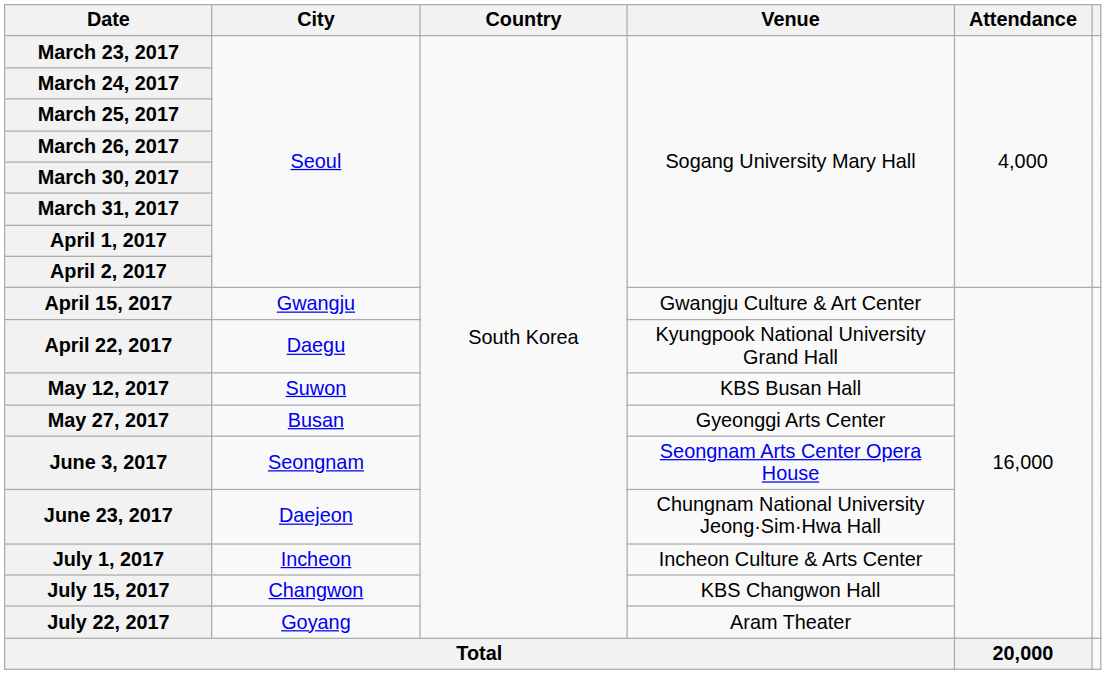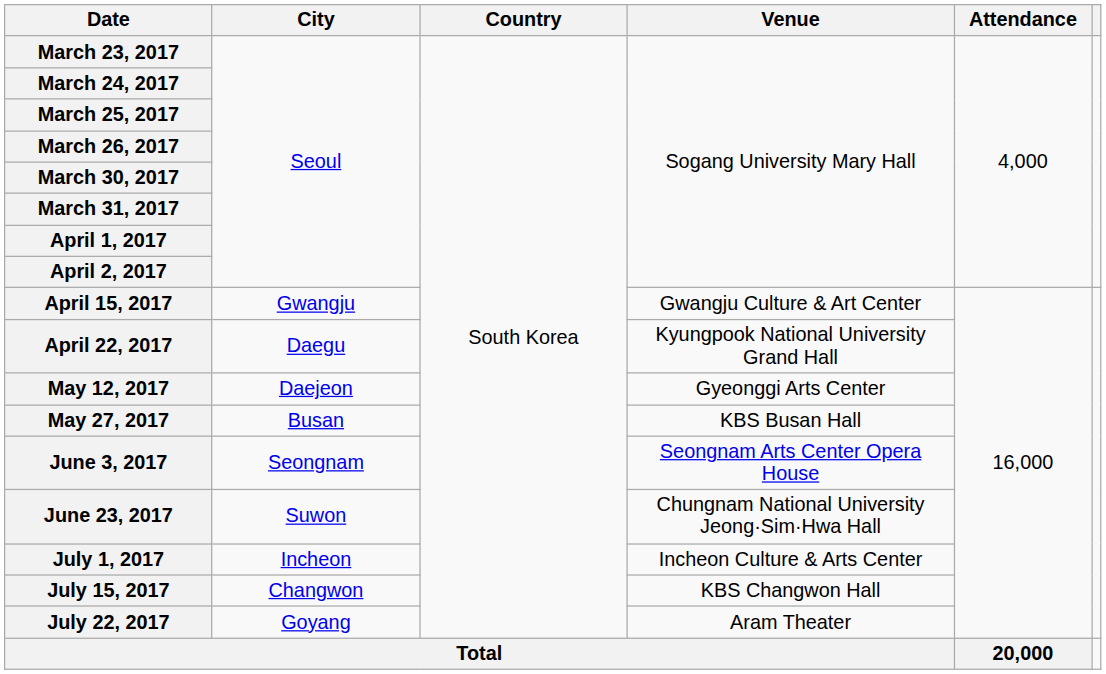 <table class="wikitable sortable plainrowheaders" style="text-align:center;">
 <tr>
 <th style="width:10em;">Date</th>
 <th style="width:10em;">City</th>
 <th style="width:10em;">Country</th>
 <th style="width:16em;">Venue</th>
 <th style="width:6.5em;">Attendance</th>
 <th scope="col" class="unsortable"></th>
 </tr>
 <tr>
 <th scope="row" style="text-align:center">March 23, 2017</th>
 <td rowspan="8"><a href='#'>Seoul</a></td>
 <td rowspan="17">South Korea</td>
 <td rowspan="8">Sogang University Mary Hall</td>
 <td rowspan="8">4,000</td>
 <td rowspan="8"></td>
 </tr>
 <tr>
 <th scope="row" style="text-align:center">March 24, 2017</th>
 </tr>
 <tr>
 <th scope="row" style="text-align:center">March 25, 2017</th>
 </tr>
 <tr>
 <th scope="row" style="text-align:center">March 26, 2017</th>
 </tr>
 <tr>
 <th scope="row" style="text-align:center">March 30, 2017</th>
 </tr>
 <tr>
 <th scope="row" style="text-align:center">March 31, 2017</th>
 </tr>
 <tr>
 <th scope="row" style="text-align:center">April 1, 2017</th>
 </tr>
 <tr>
 <th scope="row" style="text-align:center">April 2, 2017</th>
 </tr>
 <tr>
 <th scope="row" style="text-align:center">April 15, 2017</th>
 <td><a href='#'>Gwangju</a></td>
 <td>Gwangju Culture & Art Center</td>
 <td rowspan="9">16,000</td>
 <td rowspan="9"></td>
 </tr>
 <tr>
 <th scope="row" style="text-align:center">April 22, 2017</th>
 <td><a href='#'>Daegu</a></td>
 <td>Kyungpook National University Grand Hall</td>
 </tr>
 <tr>
 <th scope="row" style="text-align:center">May 12, 2017</th>
-<td><a href='#'>Suwon</a></td>
-<td>KBS Busan Hall</td>
+<td><a href='#'>Daejeon</a></td>
+<td>Gyeonggi Arts Center</td>
 </tr>
 <tr>
 <th scope="row" style="text-align:center">May 27, 2017</th>
 <td><a href='#'>Busan</a></td>
-<td>Gyeonggi Arts Center</td>
+<td>KBS Busan Hall</td>
 </tr>
 <tr>
 <th scope="row" style="text-align:center">June 3, 2017</th>
 <td><a href='#'>Seongnam</a></td>
 <td><a href='#'>Seongnam Arts Center Opera House</a></td>
 </tr>
 <tr>
 <th scope="row" style="text-align:center">June 23, 2017</th>
-<td><a href='#'>Daejeon</a></td>
+<td><a href='#'>Suwon</a></td>
 <td>Chungnam National University Jeong·Sim·Hwa Hall</td>
 </tr>
 <tr>
 <th scope="row" style="text-align:center">July 1, 2017</th>
 <td><a href='#'>Incheon</a></td>
 <td>Incheon Culture & Arts Center</td>
 </tr>
 <tr>
 <th scope="row" style="text-align:center">July 15, 2017</th>
 <td><a href='#'>Changwon</a></td>
 <td>KBS Changwon Hall</td>
 </tr>
 <tr>
 <th scope="row" style="text-align:center">July 22, 2017</th>
 <td><a href='#'>Goyang</a></td>
 <td>Aram Theater</td>
 </tr>
 <tr>
 <th colspan="4">Total</th>
 <th>20,000</th>
 <td></td>
 </tr>
 </table>
